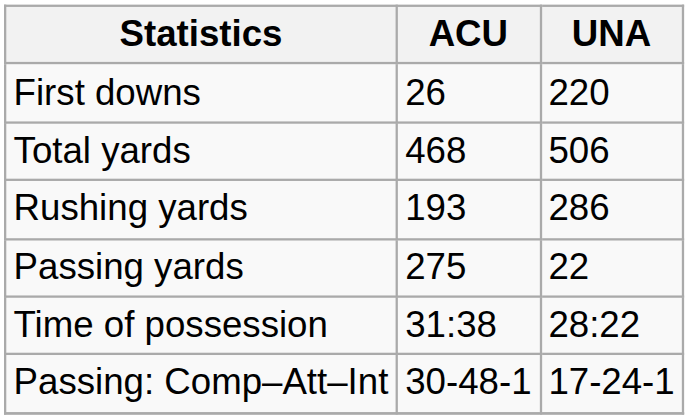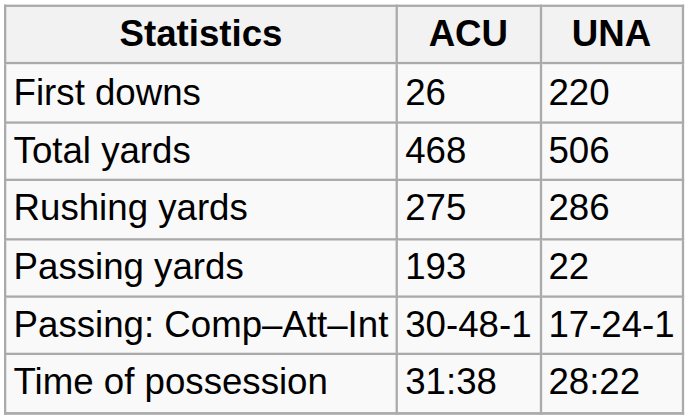 <table class="wikitable" style="float: left;">
 <tr>
 <th>Statistics</th>
 <th>ACU</th>
 <th>UNA</th>
 </tr>
 <tr>
 <td>First downs</td>
 <td>26</td>
 <td>220</td>
 </tr>
 <tr>
 <td>Total yards</td>
 <td>468</td>
 <td>506</td>
 </tr>
 <tr>
 <td>Rushing yards</td>
-<td>193</td>
+<td>275</td>
 <td>286</td>
 </tr>
 <tr>
 <td>Passing yards</td>
-<td>275</td>
+<td>193</td>
 <td>22</td>
+</tr>
+<tr>
+<td>Passing: Comp–Att–Int</td>
+<td>30-48-1</td>
+<td>17-24-1</td>
 </tr>
 <tr>
 <td>Time of possession</td>
 <td>31:38</td>
 <td>28:22</td>
 </tr>
 <tr>
-<td>Passing: Comp–Att–Int</td>
-<td>30-48-1</td>
-<td>17-24-1</td>
-</tr>
-<tr>
 </tr>
 </table>
